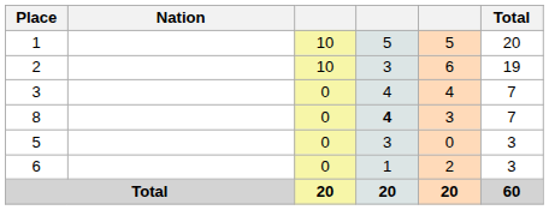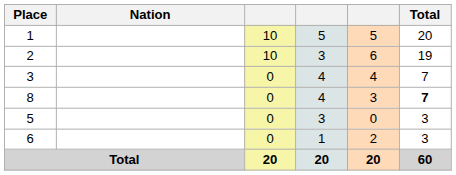 <table class=wikitable style="border:1px solid #AAAAAA;font-size:90%">
 <tr bgcolor="#EFEFEF">
 <th width=50>Place</th>
 <th width=200>Nation</th>
 <th width=50></th>
 <th width=50></th>
 <th width=50></th>
 <th width=50>Total</th>
 </tr>
 <tr align="center" valign="top" bgcolor="#FFFFFF">
 <td>1</td>
 <td align="left"></td>
 <td style="background:#F7F6A8;">10</td>
 <td style="background:#DCE5E5;">5</td>
 <td style="background:#FFDAB9;">5</td>
 <td>20</td>
 </tr>
 <tr align="center" valign="top" bgcolor="#FFFFFF">
 <td>2</td>
 <td align="left"></td>
 <td style="background:#F7F6A8;">10</td>
 <td style="background:#DCE5E5;">3</td>
 <td style="background:#FFDAB9;">6</td>
 <td>19</td>
 </tr>
 <tr align="center" valign="top" bgcolor="#FFFFFF">
 <td>3</td>
 <td align="left"></td>
 <td style="background:#F7F6A8;">0</td>
 <td style="background:#DCE5E5;">4</td>
 <td style="background:#FFDAB9;">4</td>
 <td>7</td>
 </tr>
 <tr align="center" valign="top" bgcolor="#FFFFFF">
 <td>8</td>
 <td align="left"></td>
 <td style="background:#F7F6A8;">0</td>
-<td style="background:#DCE5E5;"><strong>4</strong></td>
+<td style="background:#DCE5E5;">4</td>
 <td style="background:#FFDAB9;">3</td>
-<td>7</td>
+<td><strong>7</strong></td>
 </tr>
 <tr align="center" valign="top" bgcolor="#FFFFFF">
 <td>5</td>
 <td align="left"></td>
 <td style="background:#F7F6A8;">0</td>
 <td style="background:#DCE5E5;">3</td>
 <td style="background:#FFDAB9;">0</td>
 <td>3</td>
 </tr>
 <tr align="center" valign="top" bgcolor="#FFFFFF">
 <td>6</td>
 <td align="left"></td>
 <td style="background:#F7F6A8;">0</td>
 <td style="background:#DCE5E5;">1</td>
 <td style="background:#FFDAB9;">2</td>
 <td>3</td>
 </tr>
 <tr align="center">
 <td colspan="2" bgcolor=D3D3D3><strong>Total</strong></td>
 <td style="background:#F7F6A8;"><strong>20</strong></td>
 <td style="background:#DCE5E5;"><strong>20</strong></td>
 <td style="background:#FFDAB9;"><strong>20</strong></td>
 <td bgcolor=D3D3D3><strong>60</strong></td>
 </tr>
 </table>
